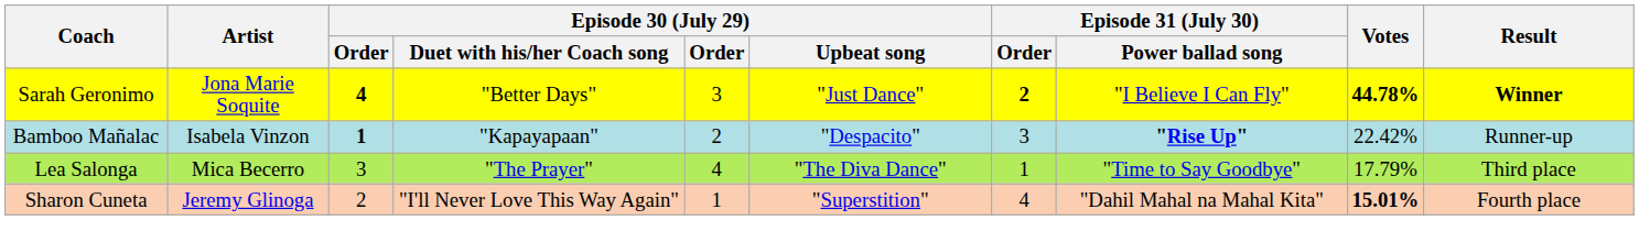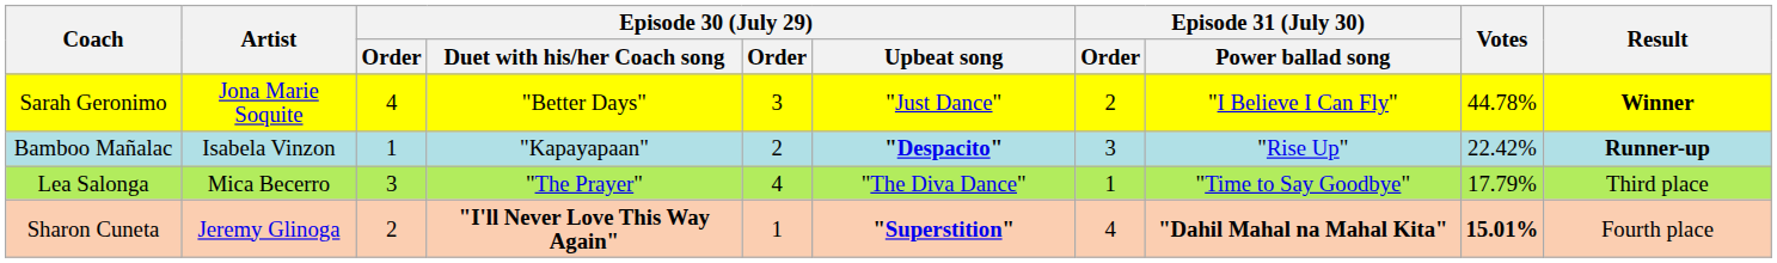 <table class="wikitable" style="text-align:center; line-height:17px; width:100%; font-size:100%;">
 <tr>
 <th rowspan="2" width="10%">Coach</th>
 <th rowspan="2" width="10%">Artist</th>
 <th colspan="4" width="37%">Episode 30 (July 29)</th>
 <th colspan="2" width="30%">Episode 31 (July 30)</th>
 <th rowspan="2">Votes</th>
 <th rowspan="2" width="13%">Result</th>
 </tr>
 <tr>
 <th width="02%">Order</th>
 <th width="18%">Duet with his/her Coach song</th>
 <th width="02%">Order</th>
 <th width="15%">Upbeat song</th>
 <th width="02%">Order</th>
 <th width="18%">Power ballad song</th>
 </tr>
 <tr>
 <td scope="row" style="background:#ffff00;">Sarah Geronimo</td>
 <td scope="row" style="background:yellow;"><a href='#'>Jona Marie Soquite</a></td>
-<td style="background:yellow;"><strong>4</strong></td>
+<td style="background:yellow;">4</td>
 <td style="background:yellow;">"Better Days"</td>
 <td style="background:yellow;">3</td>
 <td style="background:yellow;">"<a href='#'>Just Dance</a>"</td>
-<td style="background:yellow;"><strong>2</strong></td>
+<td style="background:yellow;">2</td>
 <td style="background:yellow;">"<a href='#'>I Believe I Can Fly</a>"</td>
-<td style="background:yellow;"><strong>44.78%</strong></td>
+<td style="background:yellow;">44.78%</td>
 <td style="background:yellow;"><strong>Winner</strong></td>
 </tr>
 <tr>
 <td scope="row" style="background:#B0E0E6;">Bamboo Mañalac</td>
 <td style="background:#B0E0E6;">Isabela Vinzon</td>
-<td style="background:#B0E0E6;"><strong>1</strong></td>
+<td style="background:#B0E0E6;">1</td>
 <td style="background:#B0E0E6;">"Kapayapaan"</td>
 <td style="background:#B0E0E6;">2</td>
-<td style="background:#B0E0E6;">"<a href='#'>Despacito</a>"</td>
+<td style="background:#B0E0E6;"><strong>"<a href='#'>Despacito</a>"</strong></td>
 <td style="background:#B0E0E6;">3</td>
-<td style="background:#B0E0E6;"><strong>"<a href='#'>Rise Up</a>"</strong></td>
+<td style="background:#B0E0E6;">"<a href='#'>Rise Up</a>"</td>
 <td style="background:#B0E0E6;">22.42%</td>
-<td style="background:#B0E0E6;">Runner-up</td>
+<td style="background:#B0E0E6;"><strong>Runner-up</strong></td>
 </tr>
 <tr>
 <td scope="row" style="background:#B2EC5D;">Lea Salonga</td>
 <td style="background:#B2EC5D;">Mica Becerro</td>
 <td style="background:#B2EC5D;">3</td>
 <td style="background:#B2EC5D;">"<a href='#'>The Prayer</a>"</td>
 <td style="background:#B2EC5D;">4</td>
 <td style="background:#B2EC5D;">"<a href='#'>The Diva Dance</a>"</td>
 <td style="background:#B2EC5D;">1</td>
 <td style="background:#B2EC5D;">"<a href='#'>Time to Say Goodbye</a>"</td>
 <td style="background:#B2EC5D;">17.79%</td>
 <td style="background:#B2EC5D;">Third place</td>
 </tr>
 <tr>
 <td scope="row" style="background:#FBCEB1;">Sharon Cuneta</td>
 <td style="background:#FBCEB1;"><a href='#'>Jeremy Glinoga</a></td>
 <td style="background:#FBCEB1;">2</td>
-<td style="background:#FBCEB1;">"I'll Never Love This Way Again"</td>
+<td style="background:#FBCEB1;"><strong>"I'll Never Love This Way Again"</strong></td>
 <td style="background:#FBCEB1;">1</td>
-<td style="background:#FBCEB1;">"<a href='#'>Superstition</a>"</td>
+<td style="background:#FBCEB1;"><strong>"<a href='#'>Superstition</a>"</strong></td>
 <td style="background:#FBCEB1;">4</td>
-<td style="background:#FBCEB1;">"Dahil Mahal na Mahal Kita"</td>
+<td style="background:#FBCEB1;"><strong>"Dahil Mahal na Mahal Kita"</strong></td>
 <td style="background:#FBCEB1;"><strong>15.01%</strong></td>
 <td style="background:#FBCEB1;">Fourth place</td>
 </tr>
 </table>
